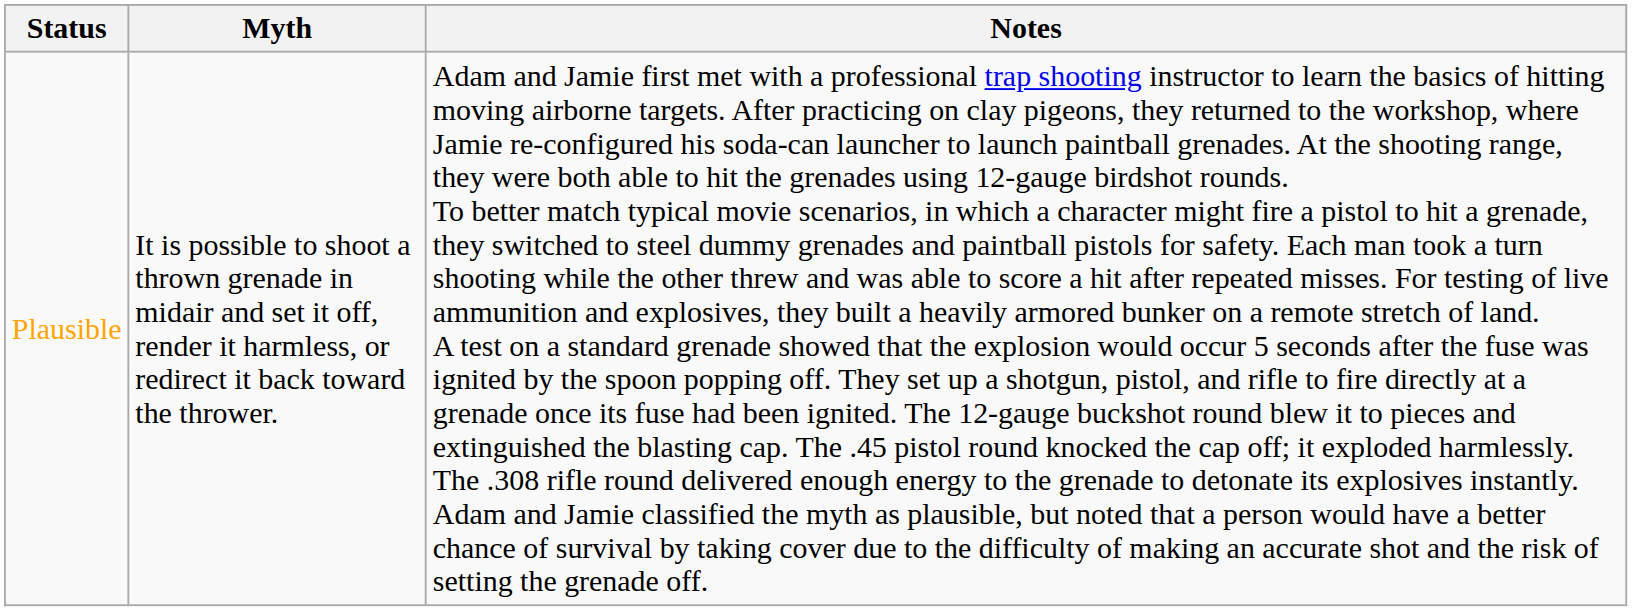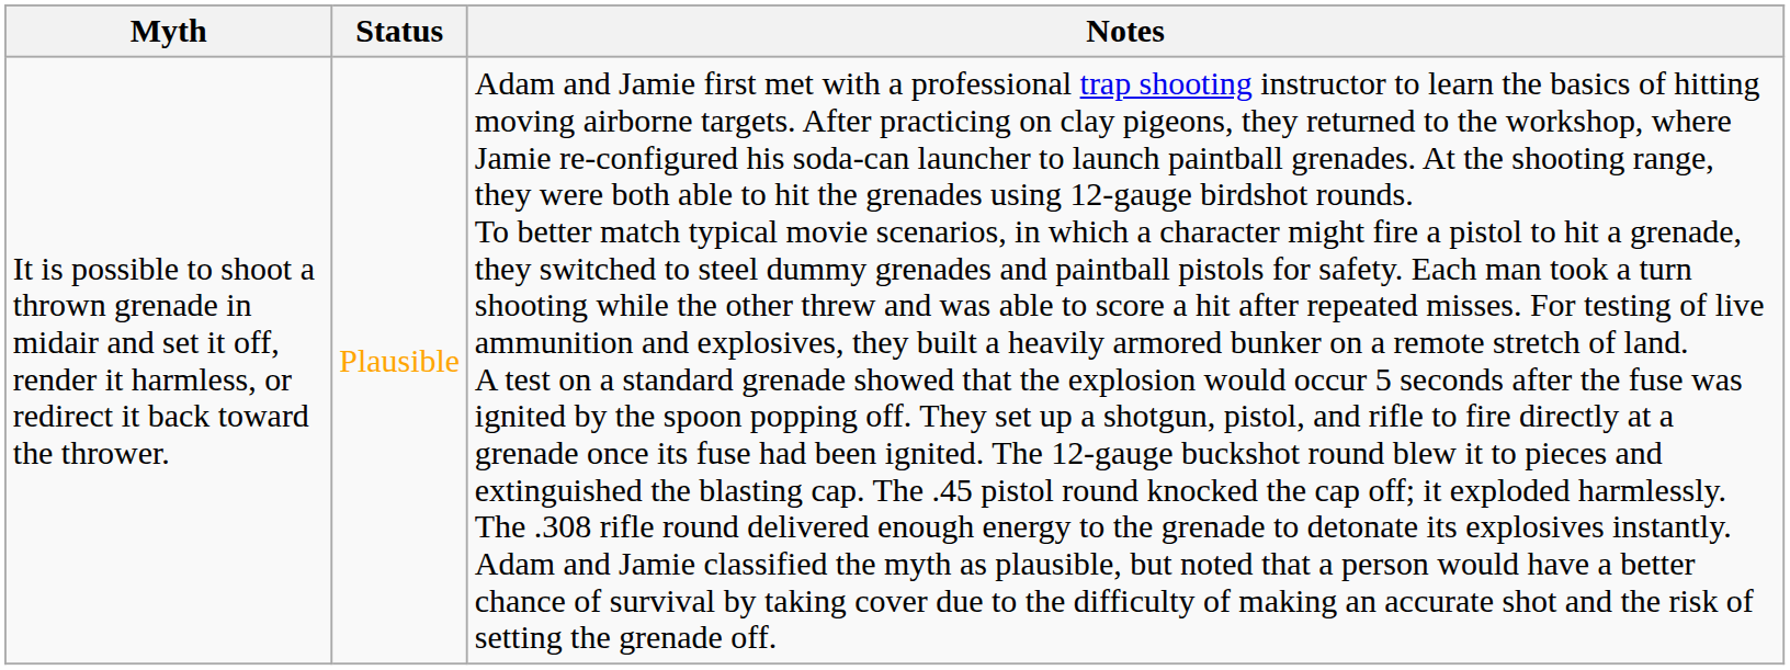 <table class="wikitable plainrowheaders">
 <tr>
+<th scope"col">Myth</th>
 <th scope"col">Status</th>
-<th scope"col">Myth</th>
 <th scope"col">Notes</th>
 </tr>
 <tr>
+<td scope"row">It is possible to shoot a thrown grenade in midair and set it off, render it harmless, or redirect it back toward the thrower.</td>
 <td style="color:orange">Plausible</td>
-<td scope"row">It is possible to shoot a thrown grenade in midair and set it off, render it harmless, or redirect it back toward the thrower.</td>
 <td>Adam and Jamie first met with a professional <a href='#'>trap shooting</a> instructor to learn the basics of hitting moving airborne targets. After practicing on clay pigeons, they returned to the workshop, where Jamie re-configured his soda-can launcher to launch paintball grenades. At the shooting range, they were both able to hit the grenades using 12-gauge birdshot rounds.<br>To better match typical movie scenarios, in which a character might fire a pistol to hit a grenade, they switched to steel dummy grenades and paintball pistols for safety. Each man took a turn shooting while the other threw and was able to score a hit after repeated misses. For testing of live ammunition and explosives, they built a heavily armored bunker on a remote stretch of land.<br>A test on a standard grenade showed that the explosion would occur 5 seconds after the fuse was ignited by the spoon popping off. They set up a shotgun, pistol, and rifle to fire directly at a grenade once its fuse had been ignited. The 12-gauge buckshot round blew it to pieces and extinguished the blasting cap. The .45 pistol round knocked the cap off; it exploded harmlessly. The .308 rifle round delivered enough energy to the grenade to detonate its explosives instantly. Adam and Jamie classified the myth as plausible, but noted that a person would have a better chance of survival by taking cover due to the difficulty of making an accurate shot and the risk of setting the grenade off.</td>
 </tr>
 </table>
